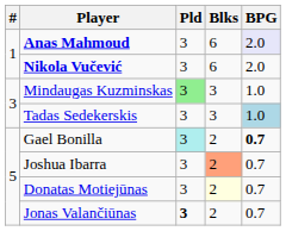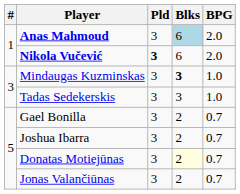 <table class=wikitable width=auto>
 <tr>
 <th>#</th>
 <th>Player</th>
 <th>Pld</th>
 <th>Blks</th>
 <th>BPG</th>
 </tr>
 <tr>
 <td rowspan=2>1</td>
 <td> <strong><a href='#'>Anas Mahmoud</a></strong></td>
 <td>3</td>
-<td>6</td>
-<td style="background: lavender;">2.0</td>
+<td style="background: lightblue;">6</td>
+<td>2.0</td>
 </tr>
 <tr>
 <td> <strong><a href='#'>Nikola Vučević</a></strong></td>
-<td>3</td>
+<td><strong>3</strong></td>
 <td>6</td>
 <td>2.0</td>
 </tr>
 <tr>
 <td rowspan=2>3</td>
 <td> <a href='#'>Mindaugas Kuzminskas</a></td>
-<td style="background: lightgreen;">3</td>
 <td>3</td>
+<td><strong>3</strong></td>
 <td>1.0</td>
 </tr>
 <tr>
 <td> <a href='#'>Tadas Sedekerskis</a></td>
 <td>3</td>
 <td>3</td>
-<td style="background: lightblue;">1.0</td>
+<td>1.0</td>
 </tr>
 <tr>
 <td rowspan=4>5</td>
 <td> Gael Bonilla</td>
-<td style="background: paleturquoise;">3</td>
+<td>3</td>
 <td>2</td>
-<td><strong>0.7</strong></td>
+<td>0.7</td>
 </tr>
 <tr>
 <td> Joshua Ibarra</td>
 <td>3</td>
-<td style="background: lightsalmon;">2</td>
+<td>2</td>
 <td>0.7</td>
 </tr>
 <tr>
 <td> <a href='#'>Donatas Motiejūnas</a></td>
 <td>3</td>
 <td style="background: lightyellow;">2</td>
 <td>0.7</td>
 </tr>
 <tr>
 <td> <a href='#'>Jonas Valančiūnas</a></td>
-<td><strong>3</strong></td>
+<td>3</td>
 <td>2</td>
 <td>0.7</td>
 </tr>
 </table>
